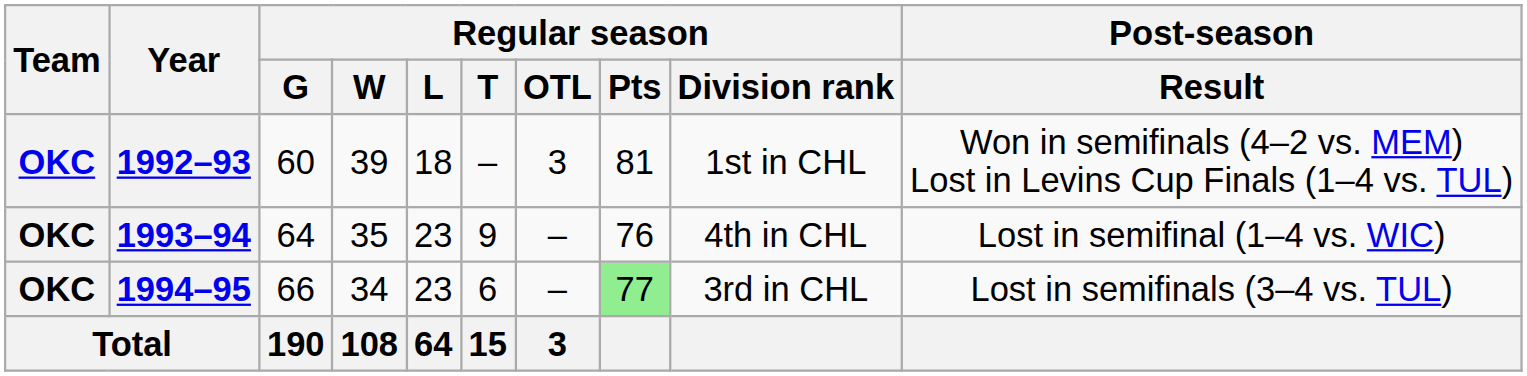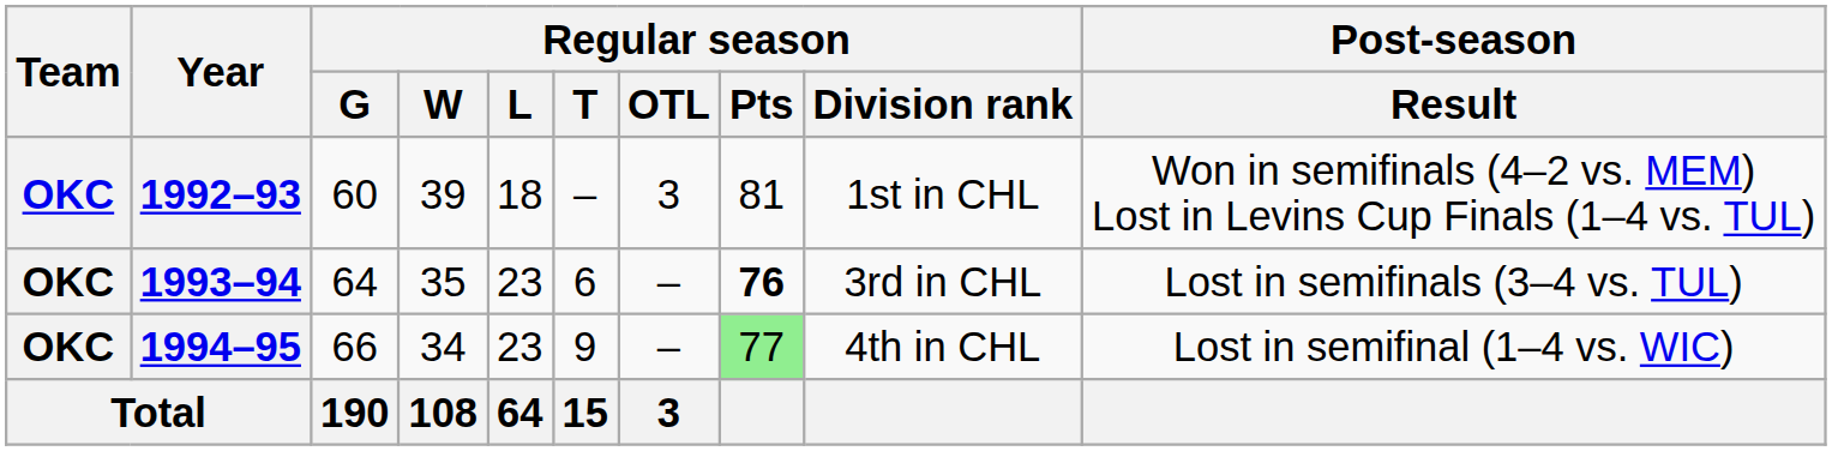 <table class="wikitable" style="font-size: 95%; text-align:center;">
 <tr>
 <th rowspan="2">Team</th>
 <th rowspan="2">Year</th>
 <th colspan="7">Regular season</th>
 <th colspan="1">Post-season</th>
 </tr>
 <tr>
 <th>G</th>
 <th>W</th>
 <th>L</th>
 <th>T</th>
 <th>OTL</th>
 <th>Pts</th>
 <th>Division rank</th>
 <th>Result</th>
 </tr>
 <tr>
 <th><a href='#'>OKC</a></th>
 <th><a href='#'>1992–93</a></th>
 <td>60</td>
 <td>39</td>
 <td>18</td>
 <td>–</td>
 <td>3</td>
 <td>81</td>
 <td>1st in CHL</td>
 <td>Won in semifinals (4–2 vs. <a href='#'>MEM</a>) <br> Lost in Levins Cup Finals (1–4 vs. <a href='#'>TUL</a>)</td>
 </tr>
 <tr>
 <th>OKC</th>
 <th><a href='#'>1993–94</a></th>
 <td>64</td>
 <td>35</td>
 <td>23</td>
-<td>9</td>
+<td>6</td>
 <td>–</td>
-<td>76</td>
-<td>4th in CHL</td>
-<td>Lost in semifinal (1–4 vs. <a href='#'>WIC</a>)</td>
+<td><strong>76</strong></td>
+<td>3rd in CHL</td>
+<td>Lost in semifinals (3–4 vs. <a href='#'>TUL</a>)</td>
 </tr>
 <tr>
 <th>OKC</th>
 <th><a href='#'>1994–95</a></th>
 <td>66</td>
 <td>34</td>
 <td>23</td>
-<td>6</td>
+<td>9</td>
 <td>–</td>
 <td style="background: lightgreen;">77</td>
-<td>3rd in CHL</td>
-<td>Lost in semifinals (3–4 vs. <a href='#'>TUL</a>)</td>
+<td>4th in CHL</td>
+<td>Lost in semifinal (1–4 vs. <a href='#'>WIC</a>)</td>
 </tr>
 <tr>
 <th colspan="2">Total</th>
 <th>190</th>
 <th>108</th>
 <th>64</th>
 <th>15</th>
 <th>3</th>
 <th></th>
 <th></th>
 <th></th>
 </tr>
 </table>
